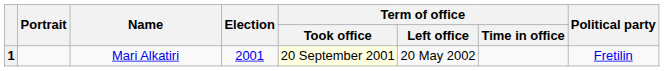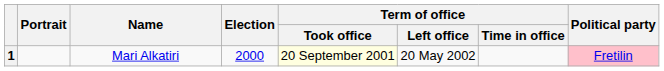 <table class="wikitable" style="text-align:center">
 <tr>
 <th rowspan="2"></th>
 <th rowspan="2">Portrait</th>
 <th rowspan="2" width="180">Name<br></th>
 <th rowspan="2">Election</th>
 <th colspan="3">Term of office</th>
 <th rowspan="2">Political party</th>
 </tr>
 <tr>
 <th>Took office</th>
 <th>Left office</th>
 <th>Time in office</th>
 </tr>
 <tr>
 <th style="background:">1</th>
 <td></td>
 <td><a href='#'>Mari Alkatiri</a><br></td>
-<td><a href='#'>2001</a></td>
+<td><a href='#'>2000</a></td>
 <td style="background: lightyellow;">20 September 2001</td>
 <td>20 May 2002</td>
 <td></td>
-<td><a href='#'>Fretilin</a></td>
+<td style="background: pink;"><a href='#'>Fretilin</a></td>
 </tr>
 </table>
